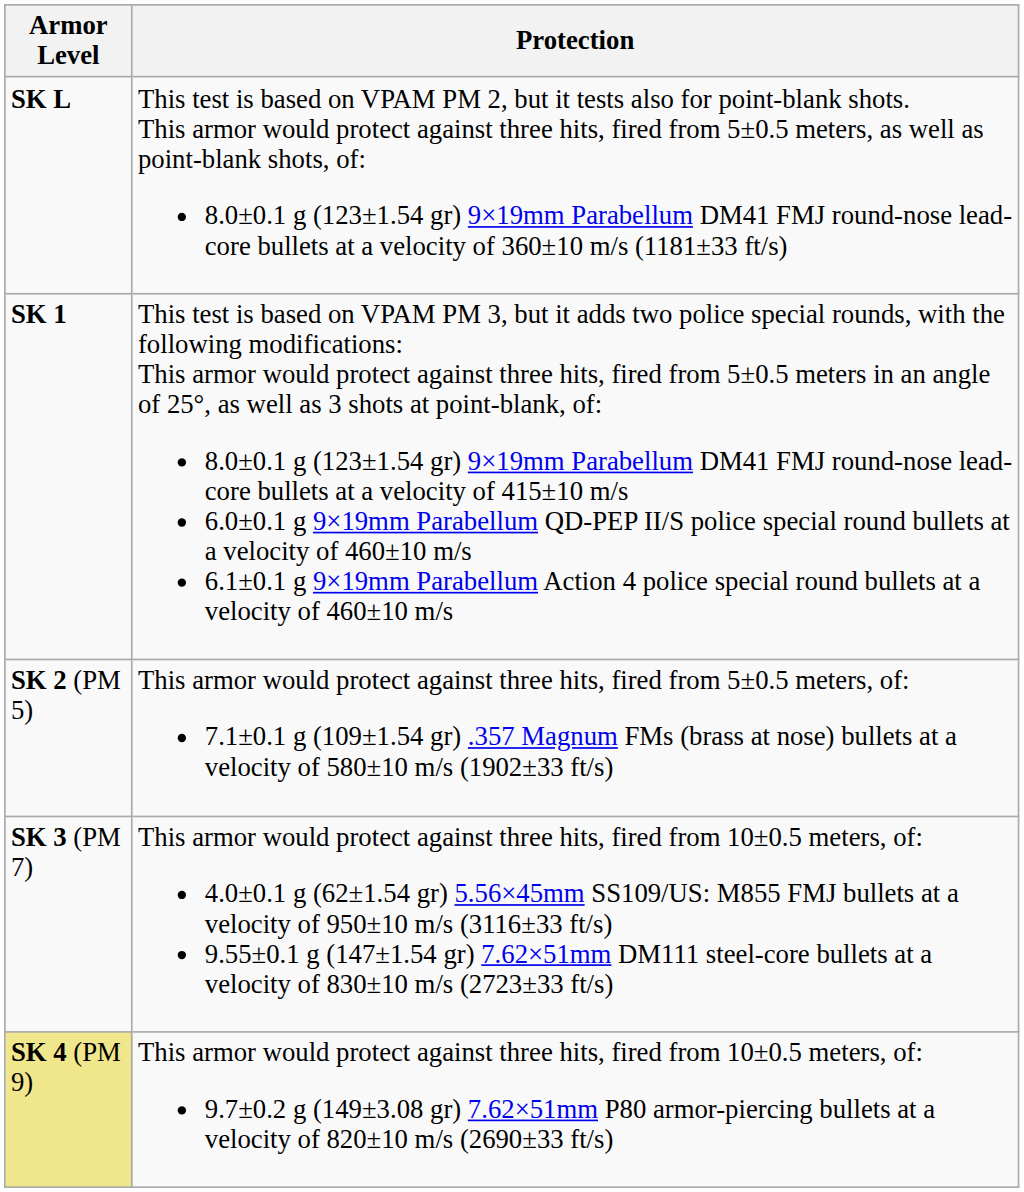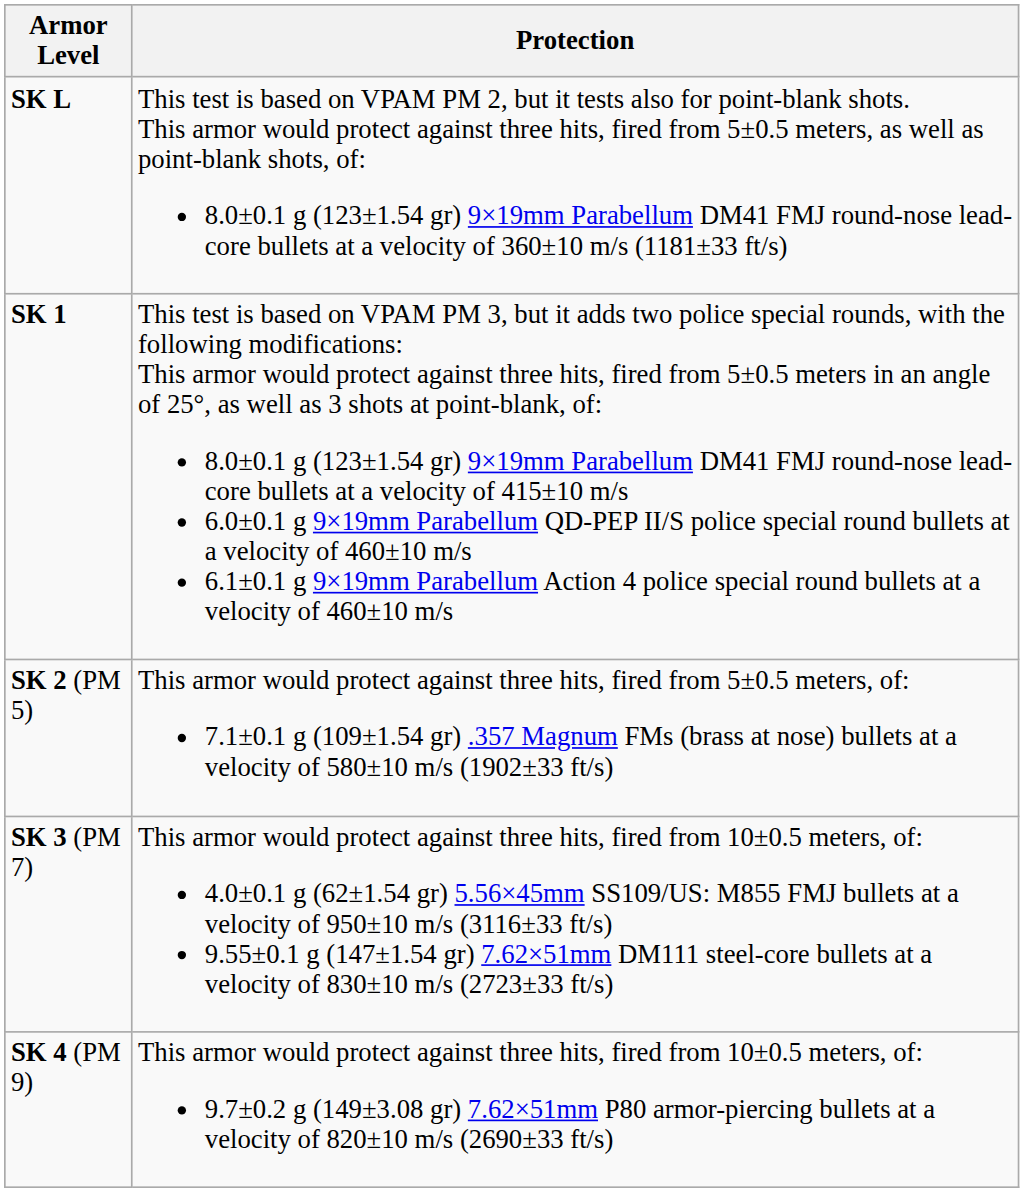 <table class="wikitable">
 <tr>
 <th>Armor Level</th>
 <th>Protection</th>
 </tr>
 <tr style="vertical-align: top;">
 <td><strong>SK L</strong><br></td>
 <td>This test is based on VPAM PM 2, but it tests also for point-blank shots.<br>This armor would protect against three hits, fired from 5±0.5 meters, as well as point-blank shots, of:<ul><li>8.0±0.1 g (123±1.54 gr) <a href='#'>9×19mm Parabellum</a> DM41 FMJ round-nose lead-core bullets at a velocity of 360±10 m/s (1181±33 ft/s)</li></ul></td>
 </tr>
 <tr style="vertical-align: top;">
 <td><strong>SK 1</strong><br></td>
 <td>This test is based on VPAM PM 3, but it adds two police special rounds, with the following modifications:<br>This armor would protect against three hits, fired from 5±0.5 meters in an angle of 25°, as well as 3 shots at point-blank, of:<ul><li>8.0±0.1 g (123±1.54 gr) <a href='#'>9×19mm Parabellum</a> DM41 FMJ round-nose lead-core bullets at a velocity of 415±10 m/s</li><li>6.0±0.1 g <a href='#'>9×19mm Parabellum</a> QD-PEP II/S police special round bullets at a velocity of 460±10 m/s</li><li>6.1±0.1 g <a href='#'>9×19mm Parabellum</a> Action 4 police special round bullets at a velocity of 460±10 m/s</li></ul></td>
 </tr>
 <tr style="vertical-align: top;">
 <td><strong>SK 2</strong> (PM 5)<br></td>
 <td>This armor would protect against three hits, fired from 5±0.5 meters, of:<br><ul><li>7.1±0.1 g (109±1.54 gr) <a href='#'>.357 Magnum</a> FMs (brass at nose) bullets at a velocity of 580±10 m/s (1902±33 ft/s)</li></ul></td>
 </tr>
 <tr style="vertical-align: top;">
 <td><strong>SK 3</strong> (PM 7)<br></td>
 <td>This armor would protect against three hits, fired from 10±0.5 meters, of:<br><ul><li>4.0±0.1 g (62±1.54 gr) <a href='#'>5.56×45mm</a> SS109/US: M855 FMJ bullets at a velocity of 950±10 m/s (3116±33 ft/s)</li><li>9.55±0.1 g (147±1.54 gr) <a href='#'>7.62×51mm</a> DM111 steel-core bullets at a velocity of 830±10 m/s (2723±33 ft/s)</li></ul></td>
 </tr>
 <tr style="vertical-align: top;">
-<td style="background: khaki;"><strong>SK 4</strong> (PM 9)<br></td>
+<td><strong>SK 4</strong> (PM 9)<br></td>
 <td>This armor would protect against three hits, fired from 10±0.5 meters, of:<br><ul><li>9.7±0.2 g (149±3.08 gr) <a href='#'>7.62×51mm</a> P80 armor-piercing bullets at a velocity of 820±10 m/s (2690±33 ft/s)</li></ul></td>
 </tr>
 </table>
